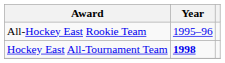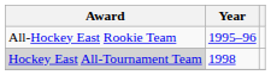 <table class="wikitable">
 <tr>
 <th>Award</th>
 <th>Year</th>
 <th></th>
 </tr>
 <tr>
 <td>All-<a href='#'>Hockey East</a> <a href='#'>Rookie Team</a></td>
 <td><a href='#'>1995–96</a></td>
 <td></td>
 </tr>
 <tr>
-<td><a href='#'>Hockey East</a> <a href='#'>All-Tournament Team</a></td>
-<td><strong><a href='#'>1998</a></strong></td>
+<td style="background: lightgrey;"><a href='#'>Hockey East</a> <a href='#'>All-Tournament Team</a></td>
+<td><a href='#'>1998</a></td>
 <td></td>
 </tr>
 <tr>
 </tr>
 </table>
